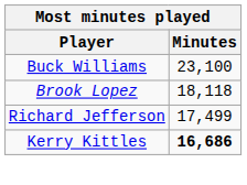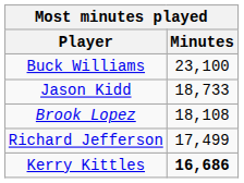 <table class="wikitable sortable" style="text-align:center">
 <tr>
 <th colspan="2" style="text-align:center; ">Most minutes played</th>
 </tr>
 <tr>
 <th style="text-align:center; ">Player</th>
 <th style="text-align:center; ">Minutes</th>
 </tr>
 <tr>
 <td><a href='#'>Buck Williams</a></td>
 <td>23,100</td>
 </tr>
 <tr>
+<td><a href='#'>Jason Kidd</a></td>
+<td>18,733</td>
+</tr>
+<tr>
 <td><em><a href='#'>Brook Lopez</a></em></td>
-<td>18,118</td>
+<td>18,108</td>
 </tr>
 <tr>
 <td><a href='#'>Richard Jefferson</a></td>
 <td>17,499</td>
 </tr>
 <tr>
 <td><a href='#'>Kerry Kittles</a></td>
 <td><strong>16,686</strong></td>
 </tr>
 </table>
